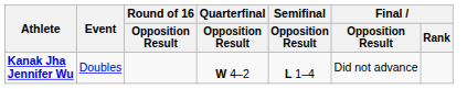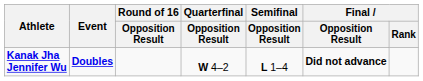 <table class=wikitable style=font-size:90%;text-align:center>
 <tr>
 <th rowspan=2>Athlete</th>
 <th rowspan=2>Event</th>
 <th>Round of 16</th>
 <th>Quarterfinal</th>
 <th>Semifinal</th>
 <th colspan=2>Final / </th>
 </tr>
 <tr style=font-size:95%>
 <th>Opposition<br>Result</th>
 <th>Opposition<br>Result</th>
 <th>Opposition<br>Result</th>
 <th>Opposition<br>Result</th>
 <th>Rank</th>
 </tr>
 <tr>
 <td align=left><strong><a href='#'>Kanak Jha</a><br><a href='#'>Jennifer Wu</a></strong></td>
-<td align=left><a href='#'>Doubles</a></td>
+<td align=left><strong><a href='#'>Doubles</a></strong></td>
 <td></td>
 <td><br><strong>W</strong> 4–2</td>
 <td><br><strong>L</strong> 1–4</td>
-<td>Did not advance</td>
+<td><strong>Did not advance</strong></td>
 <td></td>
 </tr>
 </table>
